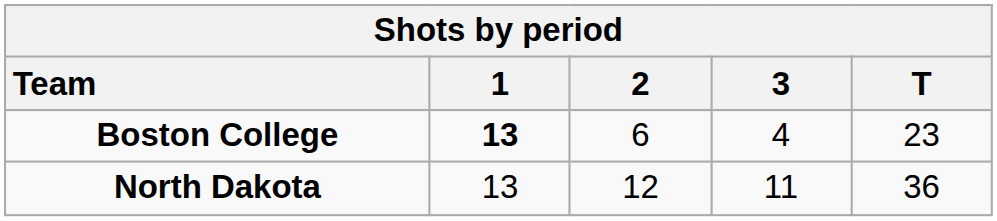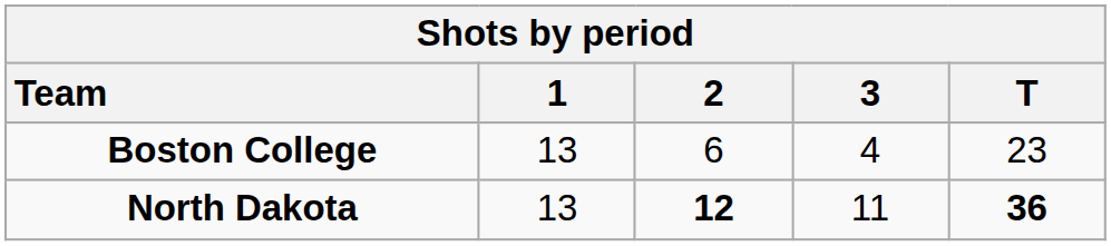 <table class="wikitable" style="width:30em; text-align:right;">
 <tr>
 <th colspan=6>Shots by period</th>
 </tr>
 <tr>
 <th style="width:10em; text-align:left;">Team</th>
 <th style="width:3em;">1</th>
 <th style="width:3em;">2</th>
 <th style="width:3em;">3</th>
 <th style="width:3em;">T</th>
 </tr>
 <tr>
 <td align=center><strong>Boston College</strong></td>
-<td align=center><strong>13</strong></td>
+<td align=center>13</td>
 <td align=center>6</td>
 <td align=center>4</td>
 <td align=center>23</td>
 </tr>
 <tr>
 <td align=center><strong>North Dakota</strong></td>
 <td align=center>13</td>
-<td align=center>12</td>
+<td align=center><strong>12</strong></td>
 <td align=center>11</td>
-<td align=center>36</td>
+<td align=center><strong>36</strong></td>
 </tr>
 </table>
